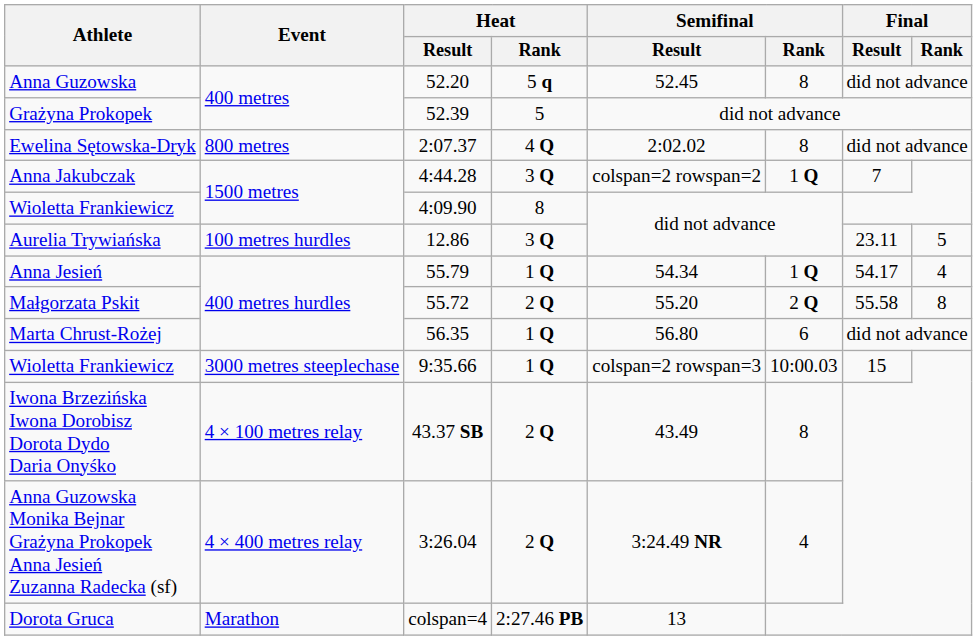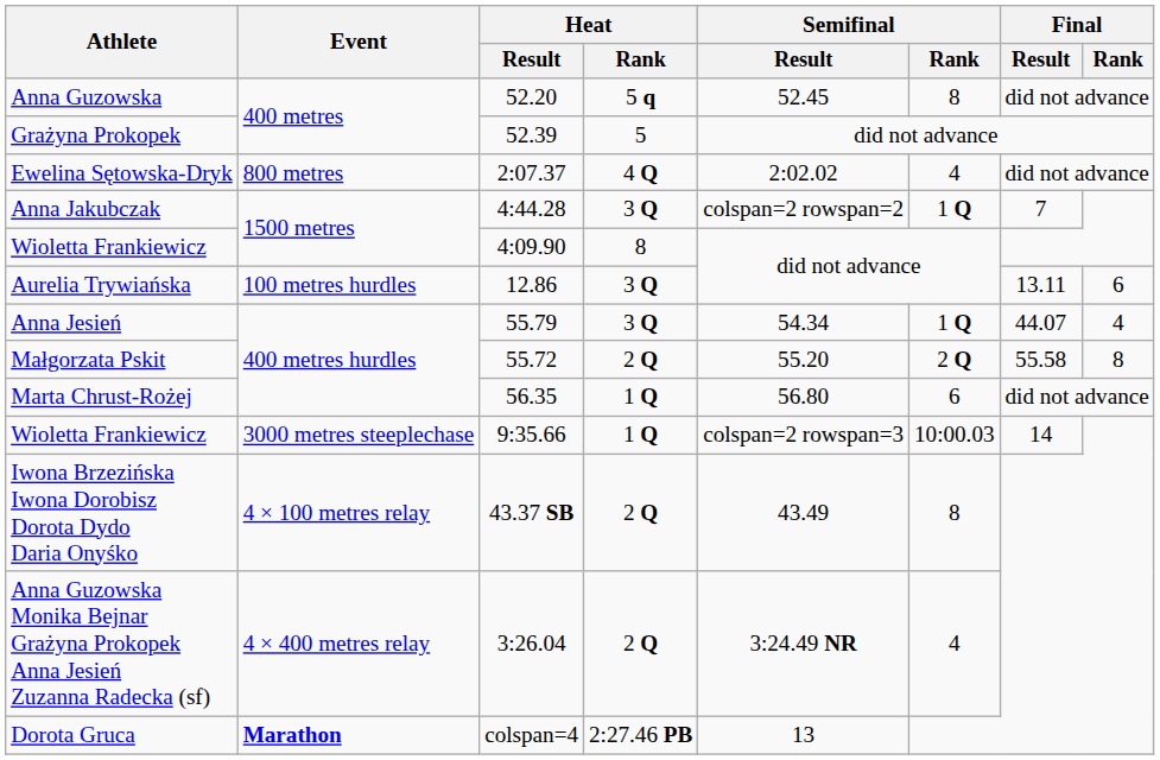 <table class="wikitable" style="font-size:90%">
 <tr>
 <th rowspan="2">Athlete</th>
 <th rowspan="2">Event</th>
 <th colspan="2">Heat</th>
 <th colspan="2">Semifinal</th>
 <th colspan="2">Final</th>
 </tr>
 <tr style="font-size:95%">
 <th>Result</th>
 <th>Rank</th>
 <th>Result</th>
 <th>Rank</th>
 <th>Result</th>
 <th>Rank</th>
 </tr>
 <tr style=text-align:center>
 <td style=text-align:left><a href='#'>Anna Guzowska</a></td>
 <td style=text-align:left rowspan=2><a href='#'>400 metres</a></td>
 <td>52.20</td>
 <td>5 <strong>q</strong></td>
 <td>52.45</td>
 <td>8</td>
 <td colspan=2>did not advance</td>
 </tr>
 <tr style=text-align:center>
 <td style=text-align:left><a href='#'>Grażyna Prokopek</a></td>
 <td>52.39</td>
 <td>5</td>
 <td colspan=4>did not advance</td>
 </tr>
 <tr style=text-align:center>
 <td style=text-align:left><a href='#'>Ewelina Sętowska-Dryk</a></td>
 <td style=text-align:left><a href='#'>800 metres</a></td>
 <td>2:07.37</td>
 <td>4 <strong>Q</strong></td>
 <td>2:02.02</td>
-<td>8</td>
+<td>4</td>
 <td colspan=2>did not advance</td>
 </tr>
 <tr style=text-align:center>
 <td style=text-align:left><a href='#'>Anna Jakubczak</a></td>
 <td style=text-align:left rowspan=2><a href='#'>1500 metres</a></td>
 <td>4:44.28</td>
 <td>3 <strong>Q</strong></td>
 <td>colspan=2 rowspan=2 </td>
 <td>1 <strong>Q</strong></td>
 <td>7</td>
 </tr>
 <tr style=text-align:center>
 <td style=text-align:left><a href='#'>Wioletta Frankiewicz</a></td>
 <td>4:09.90</td>
 <td>8</td>
 <td colspan=2 rowspan=2>did not advance</td>
 </tr>
 <tr style=text-align:center>
 <td style=text-align:left><a href='#'>Aurelia Trywiańska</a></td>
 <td style=text-align:left><a href='#'>100 metres hurdles</a></td>
 <td>12.86</td>
 <td>3 <strong>Q</strong></td>
-<td>23.11</td>
-<td>5</td>
+<td>13.11</td>
+<td>6</td>
 </tr>
 <tr style=text-align:center>
 <td style=text-align:left><a href='#'>Anna Jesień</a></td>
 <td style=text-align:left rowspan=3><a href='#'>400 metres hurdles</a></td>
 <td>55.79</td>
-<td>1 <strong>Q</strong></td>
+<td>3 <strong>Q</strong></td>
 <td>54.34</td>
 <td>1 <strong>Q</strong></td>
-<td>54.17</td>
+<td>44.07</td>
 <td>4</td>
 </tr>
 <tr style=text-align:center>
 <td style=text-align:left><a href='#'>Małgorzata Pskit</a></td>
 <td>55.72</td>
 <td>2 <strong>Q</strong></td>
 <td>55.20</td>
 <td>2 <strong>Q</strong></td>
 <td>55.58</td>
 <td>8</td>
 </tr>
 <tr style=text-align:center>
 <td style=text-align:left><a href='#'>Marta Chrust-Rożej</a></td>
 <td>56.35</td>
 <td>1 <strong>Q</strong></td>
 <td>56.80</td>
 <td>6</td>
 <td colspan=2>did not advance</td>
 </tr>
 <tr style=text-align:center>
 <td style=text-align:left><a href='#'>Wioletta Frankiewicz</a></td>
 <td style=text-align:left><a href='#'>3000 metres steeplechase</a></td>
 <td>9:35.66</td>
 <td>1 <strong>Q</strong></td>
 <td>colspan=2 rowspan=3 </td>
 <td>10:00.03</td>
-<td>15</td>
+<td>14</td>
 </tr>
 <tr style=text-align:center>
 <td style=text-align:left><a href='#'>Iwona Brzezińska</a><br><a href='#'>Iwona Dorobisz</a><br><a href='#'>Dorota Dydo</a><br><a href='#'>Daria Onyśko</a></td>
 <td style=text-align:left><a href='#'>4 × 100 metres relay</a></td>
 <td>43.37 <strong>SB</strong></td>
 <td>2 <strong>Q</strong></td>
 <td>43.49</td>
 <td>8</td>
 </tr>
 <tr style=text-align:center>
 <td style=text-align:left><a href='#'>Anna Guzowska</a><br><a href='#'>Monika Bejnar</a><br><a href='#'>Grażyna Prokopek</a><br><a href='#'>Anna Jesień</a><br><a href='#'>Zuzanna Radecka</a> (sf)</td>
 <td style=text-align:left><a href='#'>4 × 400 metres relay</a></td>
 <td>3:26.04</td>
 <td>2 <strong>Q</strong></td>
 <td>3:24.49 <strong>NR</strong></td>
 <td>4</td>
 </tr>
 <tr style=text-align:center>
 <td style=text-align:left><a href='#'>Dorota Gruca</a></td>
-<td style=text-align:left><a href='#'>Marathon</a></td>
+<td style=text-align:left><strong><a href='#'>Marathon</a></strong></td>
 <td>colspan=4 </td>
 <td>2:27.46 <strong>PB</strong></td>
 <td>13</td>
 </tr>
 </table>
